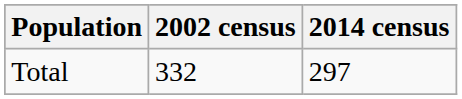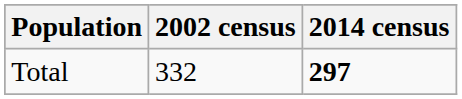 <table class="wikitable">
 <tr>
 <th>Population</th>
 <th>2002 census</th>
 <th>2014 census</th>
 </tr>
 <tr>
 <td>Total</td>
 <td>332</td>
-<td>297</td>
+<td><strong>297</strong></td>
 </tr>
 </table>
